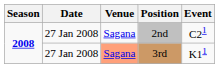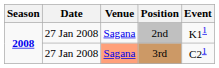 <table class="wikitable" style="text-align:center; font-size:95%;">
 <tr>
 <th>Season</th>
 <th>Date</th>
 <th>Venue</th>
 <th>Position</th>
 <th>Event</th>
 </tr>
 <tr>
 <td rowspan=2><strong><a href='#'>2008</a></strong></td>
 <td align=right>27 Jan 2008</td>
 <td align=left><a href='#'>Sagana</a></td>
 <td bgcolor=silver>2nd</td>
-<td>C2<sup><a href='#'>1</a></sup></td>
+<td>K1<sup><a href='#'>1</a></sup></td>
 </tr>
 <tr>
 <td align=right>27 Jan 2008</td>
 <td align=left style="background: lightsalmon;"><a href='#'>Sagana</a></td>
 <td bgcolor=cc9966>3rd</td>
-<td>K1<sup><a href='#'>1</a></sup></td>
+<td>C2<sup><a href='#'>1</a></sup></td>
 </tr>
 </table>
